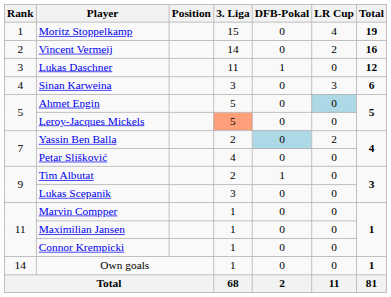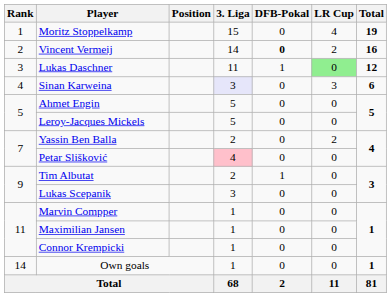 <table class="wikitable">
 <tr>
 <th>Rank</th>
 <th style="width:180px;">Player</th>
 <th>Position</th>
 <th>3. Liga</th>
 <th>DFB-Pokal</th>
 <th>LR Cup</th>
 <th>Total</th>
 </tr>
 <tr>
 <td align=center>1</td>
 <td> <a href='#'>Moritz Stoppelkamp</a></td>
 <td align=center></td>
 <td align=center>15</td>
 <td align=center>0</td>
 <td align=center>4</td>
 <td align=center><strong>19</strong></td>
 </tr>
 <tr>
 <td align=center>2</td>
 <td> <a href='#'>Vincent Vermeij</a></td>
 <td align=center></td>
 <td align=center>14</td>
-<td align=center>0</td>
+<td align=center><strong>0</strong></td>
 <td align=center>2</td>
 <td align=center><strong>16</strong></td>
 </tr>
 <tr>
 <td align=center>3</td>
 <td> <a href='#'>Lukas Daschner</a></td>
 <td align=center></td>
 <td align=center>11</td>
 <td align=center>1</td>
-<td align=center>0</td>
+<td align=center style="background: lightgreen;">0</td>
 <td align=center><strong>12</strong></td>
 </tr>
 <tr>
 <td align=center>4</td>
 <td> <a href='#'>Sinan Karweina</a></td>
 <td align=center></td>
-<td align=center>3</td>
+<td align=center style="background: lavender;">3</td>
 <td align=center>0</td>
 <td align=center>3</td>
 <td align=center><strong>6</strong></td>
 </tr>
 <tr>
 <td align=center rowspan=2>5</td>
 <td> <a href='#'>Ahmet Engin</a></td>
 <td align=center></td>
 <td align=center>5</td>
 <td align=center>0</td>
-<td align=center style="background: lightblue;">0</td>
+<td align=center>0</td>
 <td align=center rowspan=2><strong>5</strong></td>
 </tr>
 <tr>
 <td> <a href='#'>Leroy-Jacques Mickels</a></td>
 <td align=center></td>
-<td align=center style="background: lightsalmon;">5</td>
+<td align=center>5</td>
 <td align=center>0</td>
 <td align=center>0</td>
 </tr>
 <tr>
 <td align=center rowspan=2>7</td>
 <td> <a href='#'>Yassin Ben Balla</a></td>
 <td align=center></td>
 <td align=center>2</td>
-<td align=center style="background: lightblue;">0</td>
+<td align=center>0</td>
 <td align=center>2</td>
 <td align=center rowspan=2><strong>4</strong></td>
 </tr>
 <tr>
 <td> <a href='#'>Petar Slišković</a></td>
 <td align=center></td>
-<td align=center>4</td>
+<td align=center style="background: pink;">4</td>
 <td align=center>0</td>
 <td align=center>0</td>
 </tr>
 <tr>
 <td align=center rowspan=2>9</td>
 <td> <a href='#'>Tim Albutat</a></td>
 <td align=center></td>
 <td align=center>2</td>
 <td align=center>1</td>
 <td align=center>0</td>
 <td align=center rowspan=2><strong>3</strong></td>
 </tr>
 <tr>
 <td> <a href='#'>Lukas Scepanik</a></td>
 <td align=center></td>
 <td align=center>3</td>
 <td align=center>0</td>
 <td align=center>0</td>
 </tr>
 <tr>
 <td align=center rowspan=3>11</td>
 <td> <a href='#'>Marvin Compper</a></td>
 <td align=center></td>
 <td align=center>1</td>
 <td align=center>0</td>
 <td align=center>0</td>
 <td align=center rowspan=3><strong>1</strong></td>
 </tr>
 <tr>
 <td> <a href='#'>Maximilian Jansen</a></td>
 <td align=center></td>
 <td align=center>1</td>
 <td align=center>0</td>
 <td align=center>0</td>
 </tr>
 <tr>
 <td> <a href='#'>Connor Krempicki</a></td>
 <td align=center></td>
 <td align=center>1</td>
 <td align=center>0</td>
 <td align=center>0</td>
 </tr>
 <tr>
 <td align=center>14</td>
 <td align=center colspan=2>Own goals</td>
 <td align=center>1</td>
 <td align=center>0</td>
 <td align=center>0</td>
 <td align=center><strong>1</strong></td>
 </tr>
 <tr>
 <th align=center colspan=3>Total</th>
 <th align=center>68</th>
 <th align=center>2</th>
 <th align=center>11</th>
 <th align=center>81</th>
 </tr>
 </table>
